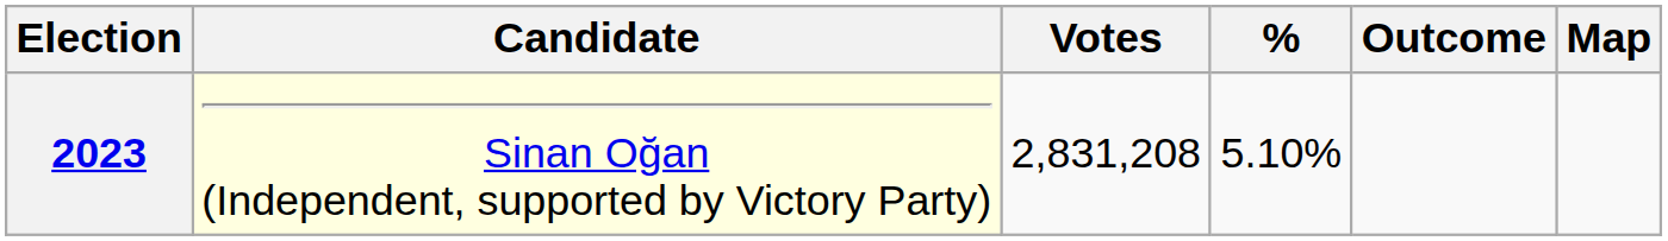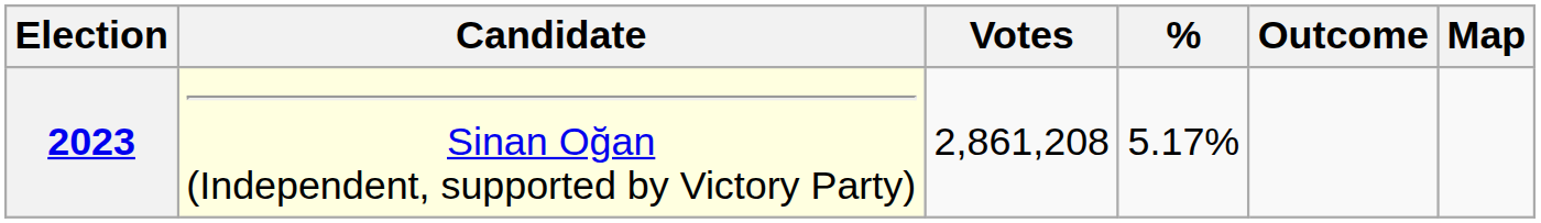 <table class="wikitable" style="text-align: center; border:none">
 <tr>
 </tr>
 <tr>
 <th>Election</th>
 <th>Candidate</th>
 <th>Votes</th>
 <th>%</th>
 <th>Outcome</th>
 <th>Map</th>
 </tr>
 <tr>
 <th><a href='#'>2023</a></th>
 <td style="background: lightyellow;"><hr><a href='#'>Sinan&nbsp;Oğan</a><br>(Independent, supported by Victory Party)</td>
-<td>2,831,208</td>
-<td>5.10%</td>
+<td>2,861,208</td>
+<td>5.17%</td>
 <td></td>
 <td></td>
 </tr>
 </table>
